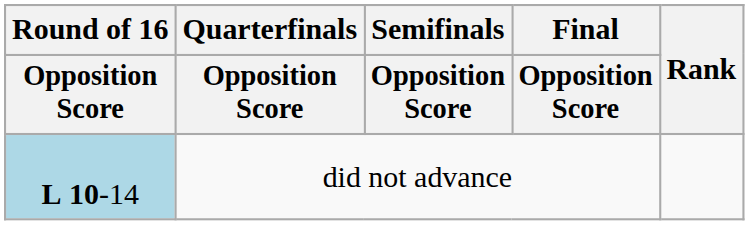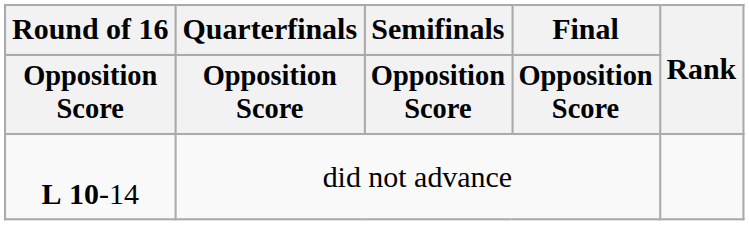 <table class=wikitable style="font-size:90%">
 <tr>
 <th>Round of 16</th>
 <th>Quarterfinals</th>
 <th>Semifinals</th>
 <th>Final</th>
 <th rowspan=2>Rank</th>
 </tr>
 <tr style="font-size:95%">
 <th>Opposition<br>Score</th>
 <th>Opposition<br>Score</th>
 <th>Opposition<br>Score</th>
 <th>Opposition<br>Score</th>
 </tr>
 <tr align=center>
-<td style="background: lightblue;"><br><strong>L</strong>  <strong>10</strong>-14</td>
+<td><br><strong>L</strong>  <strong>10</strong>-14</td>
 <td colspan=3>did not advance</td>
 <td></td>
 </tr>
 </table>
